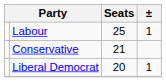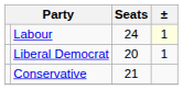 <table class="sortable wikitable">
 <tr>
 <th colspan="2">Party</th>
 <th>Seats</th>
 <th>  ±  </th>
 </tr>
 <tr>
 <td style="background-color: "></td>
 <td><a href='#'>Labour</a></td>
-<td align="center">25</td>
+<td align="center">24</td>
+<td align="center" style="background: lightyellow;">1</td>
+</tr>
+<tr>
+<td style="background-color: "></td>
+<td><a href='#'>Liberal Democrat</a></td>
+<td align="center">20</td>
 <td align="center">1</td>
 </tr>
 <tr>
 <td style="background-color: "></td>
 <td><a href='#'>Conservative</a></td>
 <td align="center">21</td>
 <td align="center"></td>
 </tr>
 <tr>
-<td style="background-color: "></td>
-<td><a href='#'>Liberal Democrat</a></td>
-<td align="center">20</td>
-<td align="center">1</td>
-</tr>
-<tr>
 </tr>
 </table>
